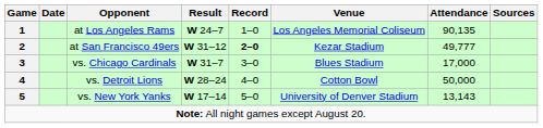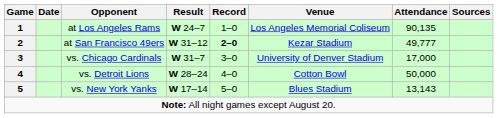 <table class="wikitable" style="text-align:center">
 <tr>
 <th>Game</th>
 <th>Date</th>
 <th>Opponent</th>
 <th>Result</th>
 <th>Record</th>
 <th>Venue</th>
 <th>Attendance</th>
 <th>Sources</th>
 </tr>
 <tr style="background:#cfc;">
 <th>1</th>
 <td></td>
 <td>at <a href='#'>Los Angeles Rams</a></td>
 <td><strong>W</strong> 24–7</td>
 <td>1–0</td>
 <td><a href='#'>Los Angeles Memorial Coliseum</a></td>
 <td>90,135</td>
 <td></td>
 </tr>
 <tr style="background:#cfc;">
 <th>2</th>
 <td></td>
 <td>at <a href='#'>San Francisco 49ers</a></td>
 <td><strong>W</strong> 31–12</td>
 <td><strong>2–0</strong></td>
 <td><a href='#'>Kezar Stadium</a></td>
 <td>49,777</td>
 <td></td>
 </tr>
 <tr style="background:#cfc;">
 <th>3</th>
 <td></td>
 <td>vs. <a href='#'>Chicago Cardinals</a></td>
 <td><strong>W</strong> 31–7</td>
 <td>3–0</td>
-<td><a href='#'>Blues Stadium</a> </td>
+<td><a href='#'>University of Denver Stadium</a> </td>
 <td>17,000</td>
 <td></td>
 </tr>
 <tr style="background:#cfc;">
 <th>4</th>
 <td></td>
 <td>vs. <a href='#'>Detroit Lions</a></td>
 <td><strong>W</strong> 28–24</td>
 <td>4–0</td>
 <td><a href='#'>Cotton Bowl</a> </td>
 <td>50,000</td>
 <td></td>
 </tr>
 <tr style="background:#cfc;">
 <th>5</th>
 <td></td>
 <td>vs. <a href='#'>New York Yanks</a></td>
 <td><strong>W</strong> 17–14</td>
 <td>5–0</td>
-<td><a href='#'>University of Denver Stadium</a> </td>
+<td><a href='#'>Blues Stadium</a> </td>
 <td>13,143</td>
 <td></td>
 </tr>
 <tr>
 <td colspan="8"><strong>Note:</strong> All night games except August 20.</td>
 </tr>
 </table>
